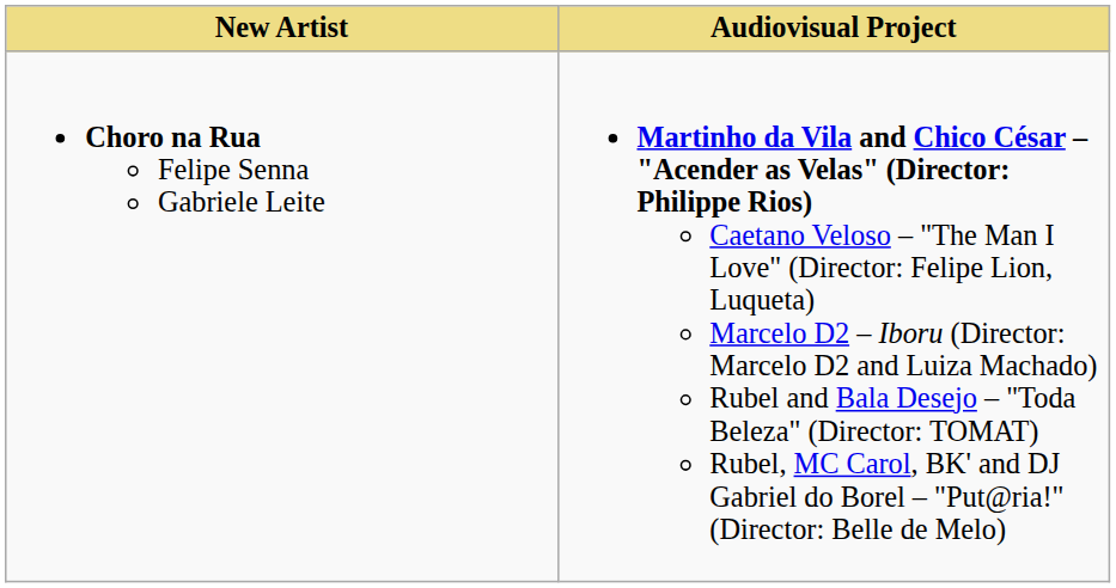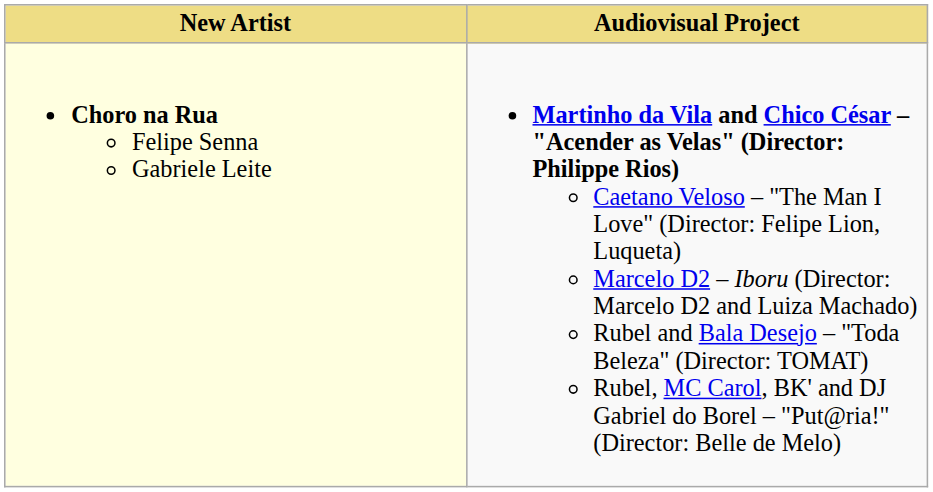 <table class="wikitable" style="width=">
 <tr>
 <th scope="col" style="background:#EEDD85; width:50%">New Artist</th>
 <th scope="col" style="background:#EEDD85; width:50%">Audiovisual Project</th>
 </tr>
 <tr>
-<td style="vertical-align:top"><br><ul><li><strong>Choro na Rua</strong><ul><li>Felipe Senna</li><li>Gabriele Leite</li></ul></li></ul></td>
+<td style="background: lightyellow; vertical-align:top"><br><ul><li><strong>Choro na Rua</strong><ul><li>Felipe Senna</li><li>Gabriele Leite</li></ul></li></ul></td>
 <td style="vertical-align:top"><br><ul><li><strong><a href='#'>Martinho da Vila</a> and <a href='#'>Chico César</a> – "Acender as Velas" (Director: Philippe Rios)</strong><ul><li><a href='#'>Caetano Veloso</a> – "The Man I Love" (Director: Felipe Lion, Luqueta)</li><li><a href='#'>Marcelo D2</a> – <em>Iboru</em> (Director: Marcelo D2 and Luiza Machado)</li><li>Rubel and <a href='#'>Bala Desejo</a> – "Toda Beleza" (Director: TOMAT)</li><li>Rubel, <a href='#'>MC Carol</a>, BK' and DJ Gabriel do Borel – "Put@ria!" (Director: Belle de Melo)</li></ul></li></ul></td>
 </tr>
 </table>
